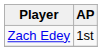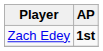 <table class="wikitable" style="white-space:nowrap; font-size:90%;">
 <tr>
 <td align="center" style="background:#f0f0f0;"><strong>Player</strong></td>
 <td align="center" style="background:#f0f0f0;"><strong>AP</strong></td>
 </tr>
 <tr>
 <td><a href='#'>Zach Edey</a></td>
-<td>1st</td>
+<td><strong>1st</strong></td>
 </tr>
 <tr>
 </tr>
 </table>
